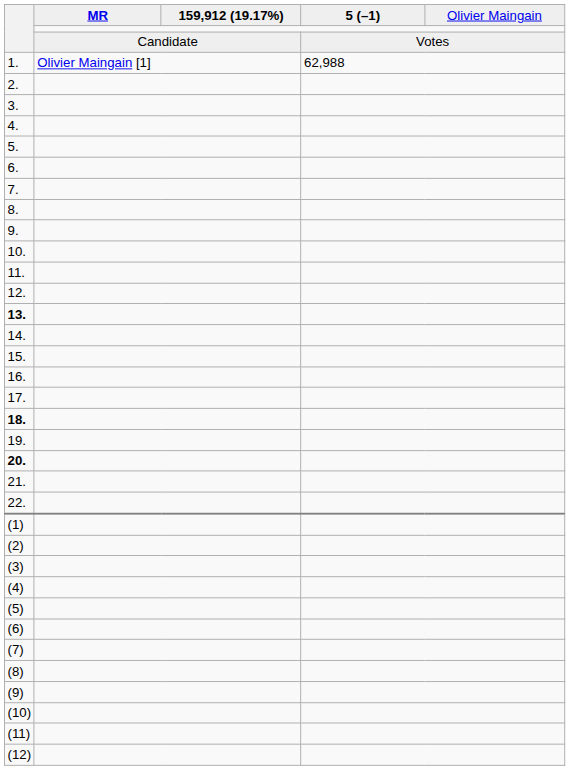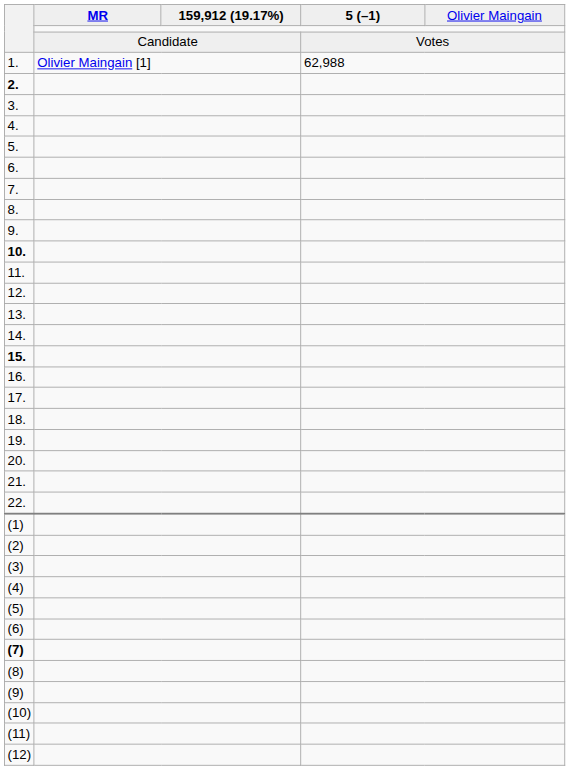 <table class="wikitable collapsible collapsed" style=text-align:left;font-size:90%>
 <tr>
 <th rowspan=3></th>
 <td bgcolor=efefef width=200 align=center><strong> <a href='#'>MR</a></strong></td>
 <td bgcolor=efefef width=200 align=center><strong> 159,912 (19.17%)</strong></td>
 <td bgcolor=efefef width=200 align=center><strong> 5 (–1)</strong></td>
 <td bgcolor=efefef width=200 align=center><a href='#'>Olivier Maingain</a></td>
 </tr>
 <tr>
 <td colspan=4 bgcolor=></td>
 </tr>
 <tr>
 <td bgcolor=efefef align=center colspan=2>Candidate</td>
 <td bgcolor=efefef align=center colspan=2>Votes</td>
 </tr>
 <tr>
 <td>1.</td>
 <td colspan=2><a href='#'>Olivier Maingain</a> [1]</td>
 <td colspan=2>62,988</td>
 </tr>
 <tr>
-<td>2.</td>
+<td><strong>2.</strong></td>
 <td colspan=2></td>
 <td colspan=2></td>
 </tr>
 <tr>
 <td>3.</td>
 <td colspan=2></td>
 <td colspan=2></td>
 </tr>
 <tr>
 <td>4.</td>
 <td colspan=2></td>
 <td colspan=2></td>
 </tr>
 <tr>
 <td>5.</td>
 <td colspan=2></td>
 <td colspan=2></td>
 </tr>
 <tr>
 <td>6.</td>
 <td colspan=2></td>
 <td colspan=2></td>
 </tr>
 <tr>
 <td>7.</td>
 <td colspan=2></td>
 <td colspan=2></td>
 </tr>
 <tr>
 <td>8.</td>
 <td colspan=2></td>
 <td colspan=2></td>
 </tr>
 <tr>
 <td>9.</td>
 <td colspan=2></td>
 <td colspan=2></td>
 </tr>
 <tr>
-<td>10.</td>
+<td><strong>10.</strong></td>
 <td colspan=2></td>
 <td colspan=2></td>
 </tr>
 <tr>
 <td>11.</td>
 <td colspan=2></td>
 <td colspan=2></td>
 </tr>
 <tr>
 <td>12.</td>
 <td colspan=2></td>
 <td colspan=2></td>
 </tr>
 <tr>
-<td><strong>13.</strong></td>
+<td>13.</td>
 <td colspan=2></td>
 <td colspan=2></td>
 </tr>
 <tr>
 <td>14.</td>
 <td colspan=2></td>
 <td colspan=2></td>
 </tr>
 <tr>
-<td>15.</td>
+<td><strong>15.</strong></td>
 <td colspan=2></td>
 <td colspan=2></td>
 </tr>
 <tr>
 <td>16.</td>
 <td colspan=2></td>
 <td colspan=2></td>
 </tr>
 <tr>
 <td>17.</td>
 <td colspan=2></td>
 <td colspan=2></td>
 </tr>
 <tr>
-<td><strong>18.</strong></td>
+<td>18.</td>
 <td colspan=2></td>
 <td colspan=2></td>
 </tr>
 <tr>
 <td>19.</td>
 <td colspan=2></td>
 <td colspan=2></td>
 </tr>
 <tr>
-<td><strong>20.</strong></td>
+<td>20.</td>
 <td colspan=2></td>
 <td colspan=2></td>
 </tr>
 <tr>
 <td>21.</td>
 <td colspan=2></td>
 <td colspan=2></td>
 </tr>
 <tr>
 <td>22.</td>
 <td colspan=2></td>
 <td colspan=2></td>
 </tr>
 <tr style="border-top:2px solid gray;">
 <td>(1)</td>
 <td colspan=2></td>
 <td colspan=2></td>
 </tr>
 <tr>
 <td>(2)</td>
 <td colspan=2></td>
 <td colspan=2></td>
 </tr>
 <tr>
 <td>(3)</td>
 <td colspan=2></td>
 <td colspan=2></td>
 </tr>
 <tr>
 <td>(4)</td>
 <td colspan=2></td>
 <td colspan=2></td>
 </tr>
 <tr>
 <td>(5)</td>
 <td colspan=2></td>
 <td colspan=2></td>
 </tr>
 <tr>
 <td>(6)</td>
 <td colspan=2></td>
 <td colspan=2></td>
 </tr>
 <tr>
-<td>(7)</td>
+<td><strong>(7)</strong></td>
 <td colspan=2></td>
 <td colspan=2></td>
 </tr>
 <tr>
 <td>(8)</td>
 <td colspan=2></td>
 <td colspan=2></td>
 </tr>
 <tr>
 <td>(9)</td>
 <td colspan=2></td>
 <td colspan=2></td>
 </tr>
 <tr>
 <td>(10)</td>
 <td colspan=2></td>
 <td colspan=2></td>
 </tr>
 <tr>
 <td>(11)</td>
 <td colspan=2></td>
 <td colspan=2></td>
 </tr>
 <tr>
 <td>(12)</td>
 <td colspan=2></td>
 <td colspan=2></td>
 </tr>
 </table>
